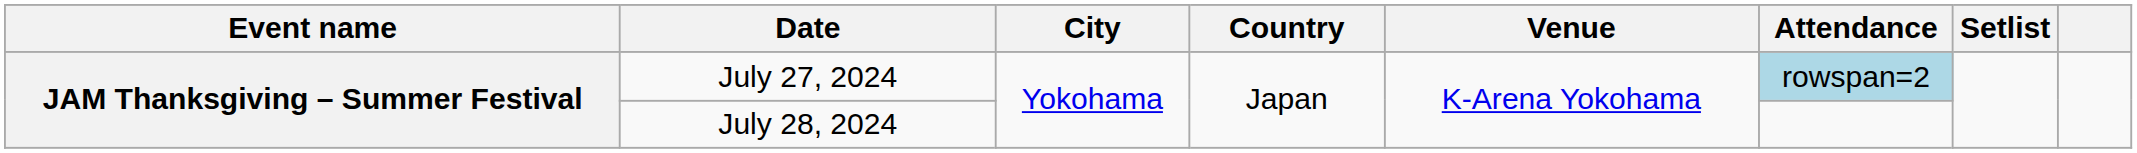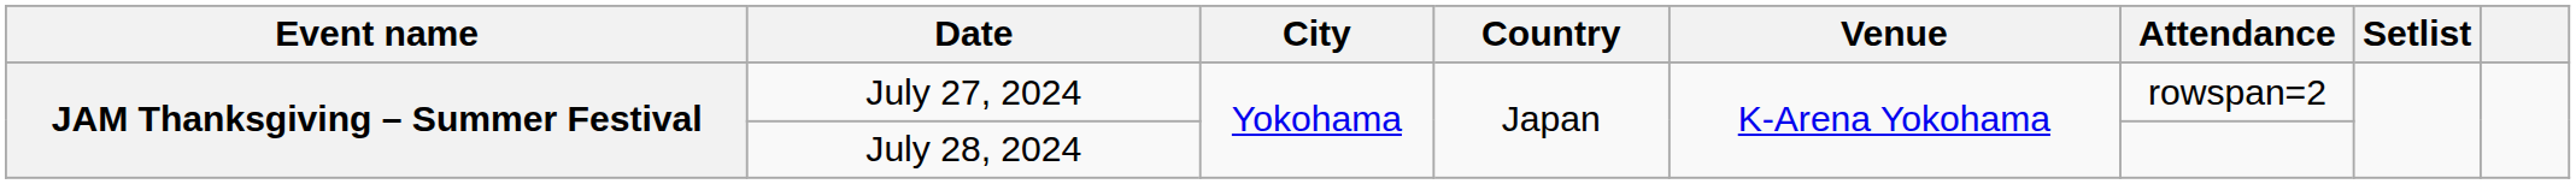 <table class="wikitable plainrowheaders" style="text-align:center;">
 <tr>
 <th scope="col" style="width:20em;">Event name</th>
 <th scope="col" style="width:12em;">Date</th>
 <th scope="col" style="width:6em;">City</th>
 <th scope="col" style="width:6em;">Country</th>
 <th scope="col" style="width:12em;">Venue</th>
 <th scope="col" style="width:6em;">Attendance</th>
 <th scope="col">Setlist</th>
 <th scope="col" style="width:2em;"></th>
 </tr>
 <tr>
 <th scope="rowgroup" rowspan="3">JAM Thanksgiving – Summer Festival</th>
 <td>July 27, 2024</td>
 <td rowspan=2><a href='#'>Yokohama</a></td>
 <td rowspan=2>Japan</td>
 <td rowspan=2><a href='#'>K-Arena Yokohama</a></td>
-<td style="background: lightblue;">rowspan=2 </td>
+<td>rowspan=2 </td>
 <td rowspan=2></td>
 <td rowspan=2></td>
 </tr>
 <tr>
 <td>July 28, 2024</td>
 </tr>
 </table>
